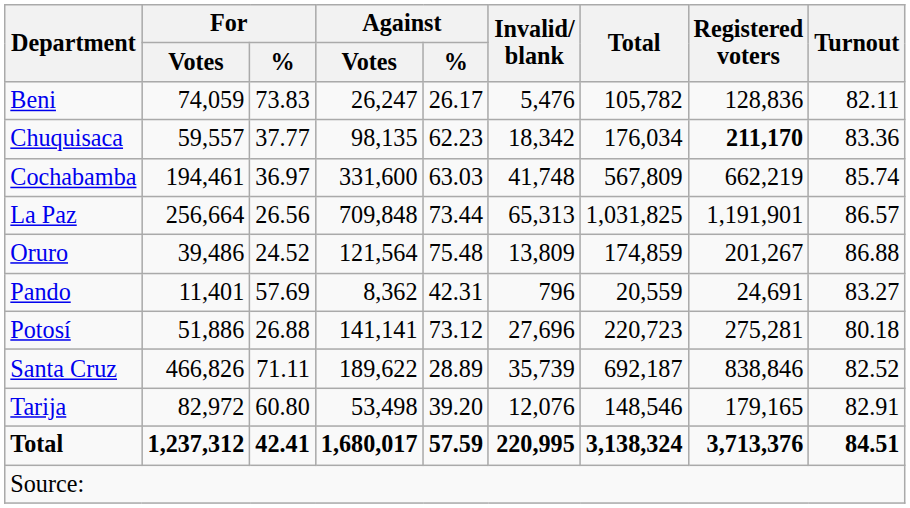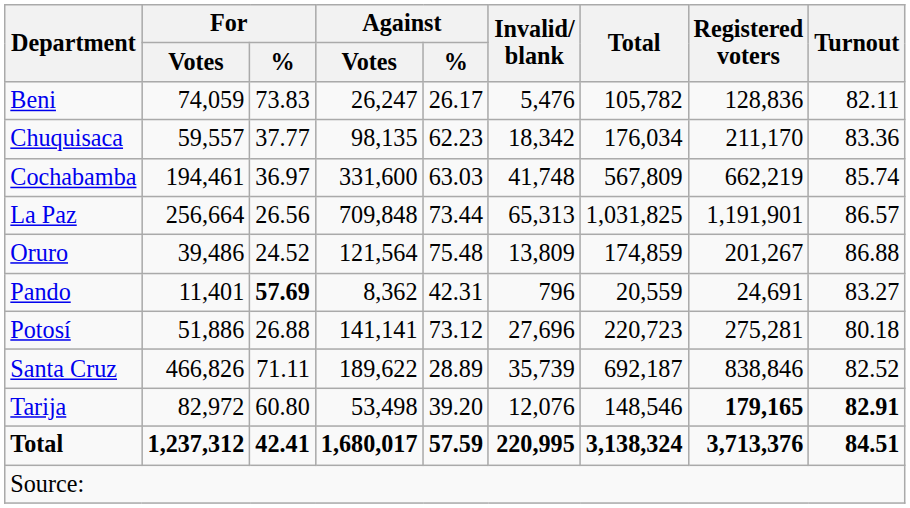 <table class=wikitable style=text-align:right>
 <tr>
 <th rowspan=2>Department</th>
 <th colspan=2>For</th>
 <th colspan=2>Against</th>
 <th rowspan=2>Invalid/<br>blank</th>
 <th rowspan=2>Total</th>
 <th rowspan=2>Registered<br>voters</th>
 <th rowspan=2>Turnout</th>
 </tr>
 <tr>
 <th>Votes</th>
 <th>%</th>
 <th>Votes</th>
 <th>%</th>
 </tr>
 <tr>
 <td align=left><a href='#'>Beni</a></td>
 <td>74,059</td>
 <td>73.83</td>
 <td>26,247</td>
 <td>26.17</td>
 <td>5,476</td>
 <td>105,782</td>
 <td>128,836</td>
 <td>82.11</td>
 </tr>
 <tr>
 <td align=left><a href='#'>Chuquisaca</a></td>
 <td>59,557</td>
 <td>37.77</td>
 <td>98,135</td>
 <td>62.23</td>
 <td>18,342</td>
 <td>176,034</td>
-<td><strong>211,170</strong></td>
+<td>211,170</td>
 <td>83.36</td>
 </tr>
 <tr>
 <td align=left><a href='#'>Cochabamba</a></td>
 <td>194,461</td>
 <td>36.97</td>
 <td>331,600</td>
 <td>63.03</td>
 <td>41,748</td>
 <td>567,809</td>
 <td>662,219</td>
 <td>85.74</td>
 </tr>
 <tr>
 <td align=left><a href='#'>La Paz</a></td>
 <td>256,664</td>
 <td>26.56</td>
 <td>709,848</td>
 <td>73.44</td>
 <td>65,313</td>
 <td>1,031,825</td>
 <td>1,191,901</td>
 <td>86.57</td>
 </tr>
 <tr>
 <td align=left><a href='#'>Oruro</a></td>
 <td>39,486</td>
 <td>24.52</td>
 <td>121,564</td>
 <td>75.48</td>
 <td>13,809</td>
 <td>174,859</td>
 <td>201,267</td>
 <td>86.88</td>
 </tr>
 <tr>
 <td align=left><a href='#'>Pando</a></td>
 <td>11,401</td>
-<td>57.69</td>
+<td><strong>57.69</strong></td>
 <td>8,362</td>
 <td>42.31</td>
 <td>796</td>
 <td>20,559</td>
 <td>24,691</td>
 <td>83.27</td>
 </tr>
 <tr>
 <td align=left><a href='#'>Potosí</a></td>
 <td>51,886</td>
 <td>26.88</td>
 <td>141,141</td>
 <td>73.12</td>
 <td>27,696</td>
 <td>220,723</td>
 <td>275,281</td>
 <td>80.18</td>
 </tr>
 <tr>
 <td align=left><a href='#'>Santa Cruz</a></td>
 <td>466,826</td>
 <td>71.11</td>
 <td>189,622</td>
 <td>28.89</td>
 <td>35,739</td>
 <td>692,187</td>
 <td>838,846</td>
 <td>82.52</td>
 </tr>
 <tr>
 <td align=left><a href='#'>Tarija</a></td>
 <td>82,972</td>
 <td>60.80</td>
 <td>53,498</td>
 <td>39.20</td>
 <td>12,076</td>
 <td>148,546</td>
-<td>179,165</td>
-<td>82.91</td>
+<td><strong>179,165</strong></td>
+<td><strong>82.91</strong></td>
 </tr>
 <tr>
 <td align=left><strong>Total</strong></td>
 <td><strong>1,237,312</strong></td>
 <td><strong>42.41</strong></td>
 <td><strong>1,680,017</strong></td>
 <td><strong>57.59</strong></td>
 <td><strong>220,995</strong></td>
 <td><strong>3,138,324</strong></td>
 <td><strong>3,713,376</strong></td>
 <td><strong>84.51</strong></td>
 </tr>
 <tr>
 <td align=left colspan=9>Source: </td>
 </tr>
 </table>
